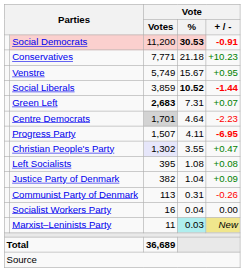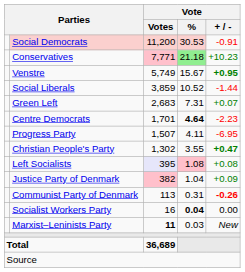 <table class="wikitable" style="text-align:right;">
 <tr>
 <th style="text-align:centre;" rowspan="2" colspan="2" width="225">Parties</th>
 <th colspan="3">Vote</th>
 </tr>
 <tr>
 <th width="15">Votes</th>
 <th width="15">%</th>
 <th width="15">+ / -</th>
 </tr>
 <tr>
 <td width="2" style="color:inherit;background:"></td>
 <td bgcolor=#fbd0ce  align="left"><a href='#'>Social Democrats</a></td>
 <td bgcolor=#fbd0ce>11,200</td>
-<td bgcolor=#fbd0ce><strong>30.53</strong></td>
-<td style=color:red;><strong>-0.91</strong></td>
+<td bgcolor=#fbd0ce>30.53</td>
+<td style=color:red;>-0.91</td>
 </tr>
 <tr>
 <td width="2" style="color:inherit;background:"></td>
 <td align="left"><a href='#'>Conservatives</a></td>
-<td>7,771</td>
-<td>21.18</td>
+<td style="background: pink;">7,771</td>
+<td style="background: lightgreen;">21.18</td>
 <td style=color:green;>+10.23</td>
 </tr>
 <tr>
 <td width="2" style="color:inherit;background:"></td>
 <td align="left"><a href='#'>Venstre</a></td>
 <td>5,749</td>
 <td>15.67</td>
-<td style=color:green;>+0.95</td>
+<td style=color:green;><strong>+0.95</strong></td>
 </tr>
 <tr>
 <td width="2" style="color:inherit;background:"></td>
 <td align="left"><a href='#'>Social Liberals</a></td>
 <td>3,859</td>
-<td><strong>10.52</strong></td>
-<td style=color:red;><strong>-1.44</strong></td>
+<td>10.52</td>
+<td style=color:red;>-1.44</td>
 </tr>
 <tr>
 <td width="2" style="color:inherit;background:"></td>
 <td align="left"><a href='#'>Green Left</a></td>
-<td><strong>2,683</strong></td>
+<td>2,683</td>
 <td>7.31</td>
 <td style=color:green;>+0.07</td>
 </tr>
 <tr>
 <td width="2" style="color:inherit;background:"></td>
 <td align="left"><a href='#'>Centre Democrats</a></td>
-<td style="background: lightgrey;">1,701</td>
-<td>4.64</td>
+<td>1,701</td>
+<td><strong>4.64</strong></td>
 <td style=color:red;>-2.23</td>
 </tr>
 <tr>
 <td width="2" style="color:inherit;background:"></td>
 <td align="left"><a href='#'>Progress Party</a></td>
 <td>1,507</td>
 <td>4.11</td>
-<td style=color:red;><strong>-6.95</strong></td>
+<td style=color:red;>-6.95</td>
 </tr>
 <tr>
 <td width="2" style="color:inherit;background:"></td>
 <td align="left"><a href='#'>Christian People's Party</a></td>
-<td style="background: lavender;">1,302</td>
+<td>1,302</td>
 <td>3.55</td>
-<td style=color:green;>+0.47</td>
+<td style=color:green;><strong>+0.47</strong></td>
 </tr>
 <tr>
 <td width="2" style="color:inherit;background:"></td>
 <td align="left"><a href='#'>Left Socialists</a></td>
-<td>395</td>
-<td>1.08</td>
+<td style="background: lavender;">395</td>
+<td style="background: pink;">1.08</td>
 <td style=color:green;>+0.08</td>
 </tr>
 <tr>
 <td width="2" style="color:inherit;background:"></td>
 <td align="left"><a href='#'>Justice Party of Denmark</a></td>
-<td>382</td>
+<td style="background: pink;">382</td>
 <td>1.04</td>
 <td style=color:green;>+0.09</td>
 </tr>
 <tr>
 <td width="2" style="color:inherit;background:"></td>
 <td align="left"><a href='#'>Communist Party of Denmark</a></td>
 <td>113</td>
 <td>0.31</td>
-<td style=color:red;>-0.26</td>
+<td style=color:red;><strong>-0.26</strong></td>
 </tr>
 <tr>
 <td width="2" style="color:inherit;background:"></td>
 <td align="left"><a href='#'>Socialist Workers Party</a></td>
 <td>16</td>
-<td>0.04</td>
+<td><strong>0.04</strong></td>
 <td>0.00</td>
 </tr>
 <tr>
 <td width="2" style="color:inherit;background:"></td>
 <td align="left"><a href='#'>Marxist–Leninists Party</a></td>
-<td>11</td>
-<td style="background: paleturquoise;">0.03</td>
-<td style="background: khaki;"><em>New</em></td>
+<td><strong>11</strong></td>
+<td>0.03</td>
+<td><em>New</em></td>
 </tr>
 <tr>
 <td colspan="7" bgcolor="#E9E9E9"></td>
 </tr>
 <tr>
 <td align="left" colspan="2"><strong>Total</strong></td>
 <td><strong>36,689</strong></td>
 <td bgcolor="#E9E9E9" colspan="2"></td>
 </tr>
 <tr>
 <td align="left" colspan="6">Source</td>
 </tr>
 </table>
